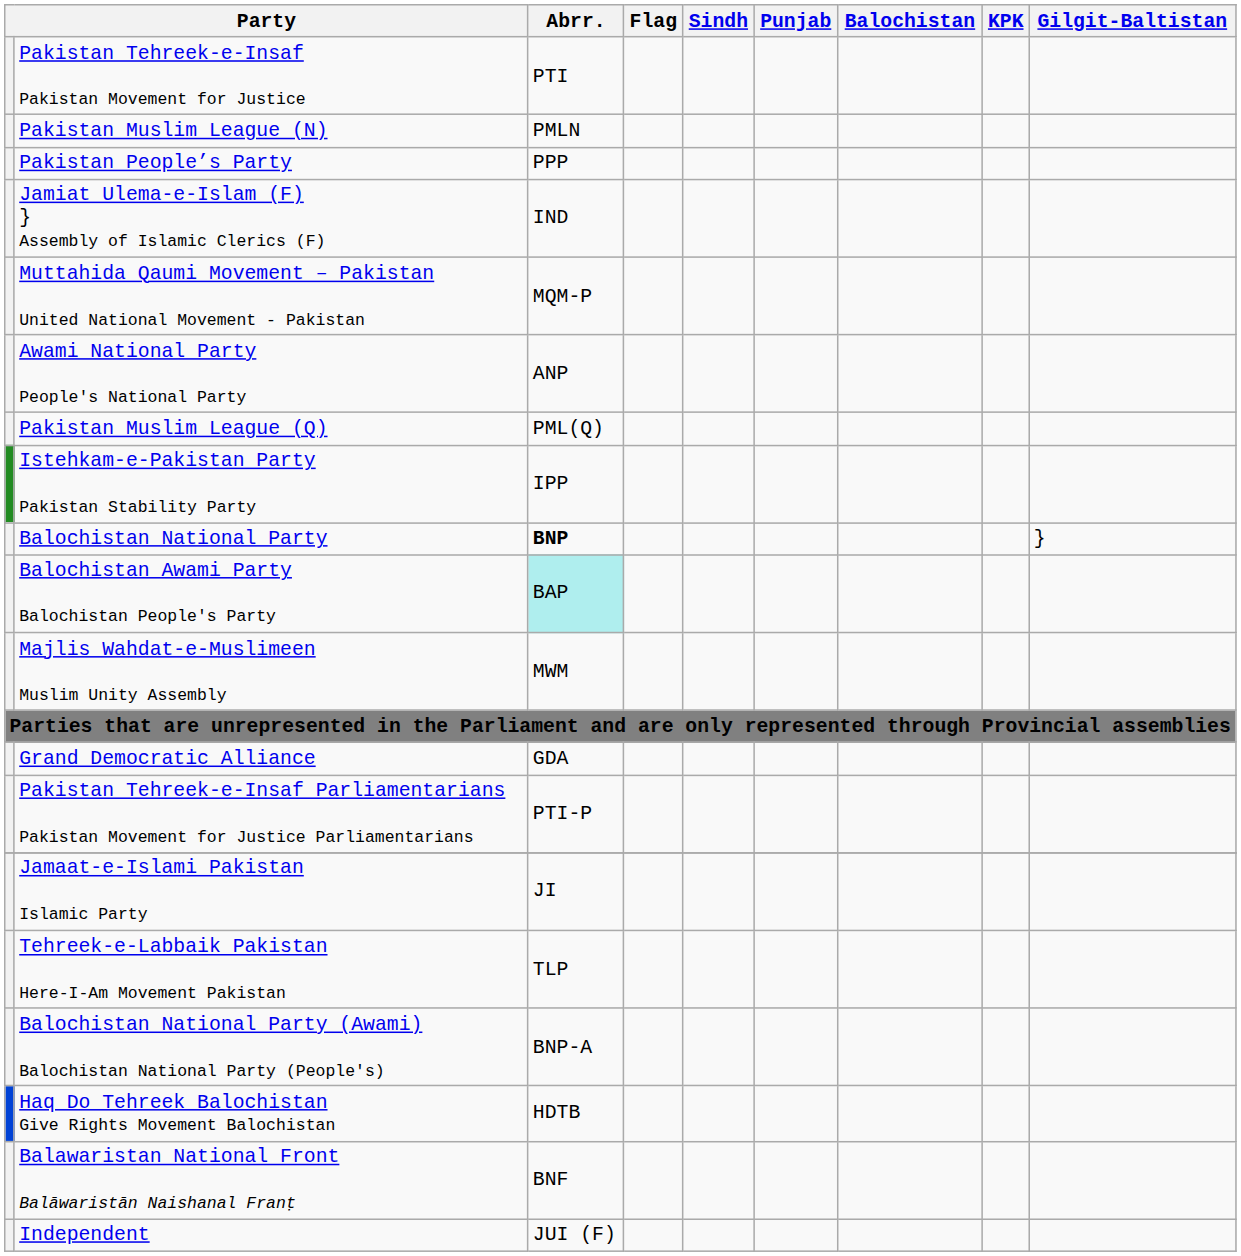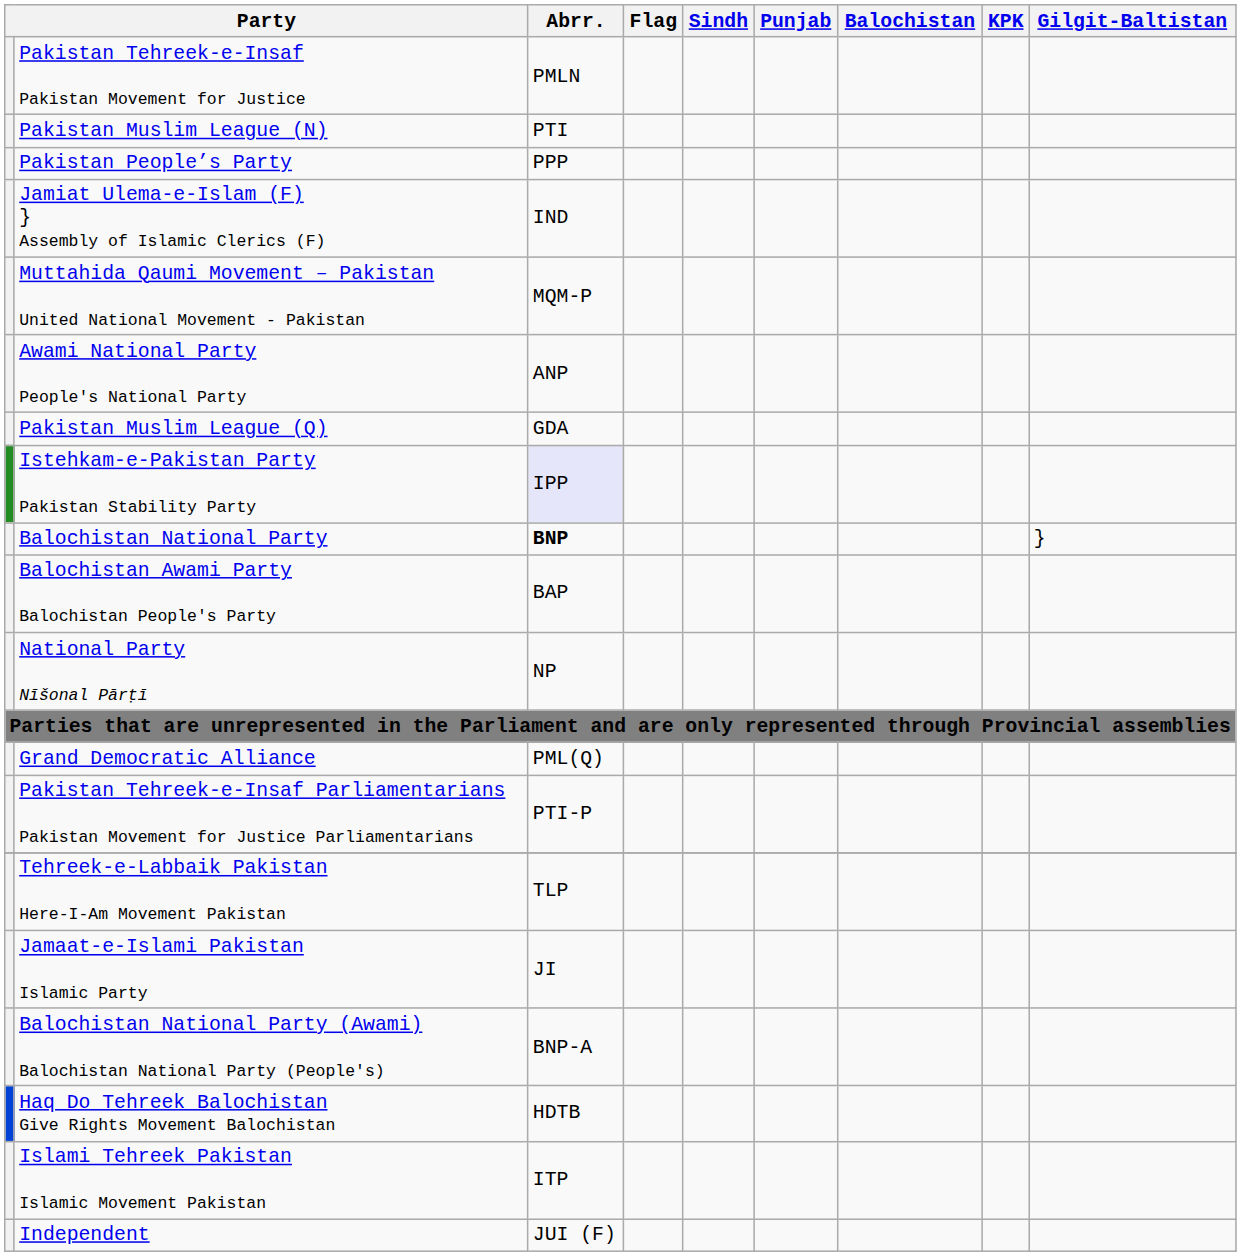 <table class="wikitable sortable">
 <tr>
 <th colspan="2" class="unsortable" scope="col" style="width:20px; text-align:center;">Party</th>
 <th>Abrr.</th>
 <th>Flag</th>
 <th data-sort-type="number"><a href='#'>Sindh</a></th>
 <th data-sort-type="number"><a href='#'>Punjab</a></th>
 <th data-sort-type="number"><a href='#'>Balochistan</a></th>
 <th data-sort-type="number"><a href='#'>KPK</a></th>
 <th data-sort-type="number"><a href='#'>Gilgit-Baltistan</a></th>
 </tr>
 <tr>
 <th style="background-color: "></th>
 <td><a href='#'>Pakistan Tehreek-e-Insaf</a><br><br><small>Pakistan Movement for Justice</small></td>
-<td>PTI</td>
+<td>PMLN</td>
 <td></td>
 <td></td>
 <td></td>
 <td></td>
 <td></td>
 <td></td>
 </tr>
 <tr>
 <th style="background-color: "></th>
 <td><a href='#'>Pakistan Muslim League (N)</a><br></td>
-<td>PMLN</td>
+<td>PTI</td>
 <td></td>
 <td></td>
 <td></td>
 <td></td>
 <td></td>
 <td></td>
 </tr>
 <tr>
 <th style="background-color: "></th>
 <td><a href='#'>Pakistan People’s Party</a><br></td>
 <td>PPP</td>
 <td></td>
 <td></td>
 <td></td>
 <td></td>
 <td></td>
 <td></td>
 </tr>
 <tr>
 <th style="background-color: "></th>
 <td><a href='#'>Jamiat Ulema-e-Islam (F)</a><br>}<br><small>Assembly of Islamic Clerics (F)</small></td>
 <td>IND</td>
 <td></td>
 <td></td>
 <td></td>
 <td></td>
 <td></td>
 <td></td>
 </tr>
 <tr>
 <th style="background-color: "></th>
 <td><a href='#'>Muttahida Qaumi Movement – Pakistan</a><br><br><small>United National Movement - Pakistan</small></td>
 <td>MQM-P</td>
 <td></td>
 <td></td>
 <td></td>
 <td></td>
 <td></td>
 <td></td>
 </tr>
 <tr>
 <th style="background-color: "></th>
 <td><a href='#'>Awami National Party</a><br><br><small>People's National Party</small></td>
 <td>ANP</td>
 <td></td>
 <td></td>
 <td></td>
 <td></td>
 <td></td>
 <td></td>
 </tr>
 <tr>
 <th style="background-color: "></th>
 <td><a href='#'>Pakistan Muslim League (Q)</a><br></td>
-<td>PML(Q)</td>
+<td>GDA</td>
 <td></td>
 <td></td>
 <td></td>
 <td></td>
 <td></td>
 <td></td>
 </tr>
 <tr>
 <th style="background-color: #228B22"></th>
 <td><a href='#'>Istehkam-e-Pakistan Party</a><br><br><small>Pakistan Stability Party</small></td>
-<td>IPP</td>
+<td style="background: lavender;">IPP</td>
 <td></td>
 <td></td>
 <td></td>
 <td></td>
 <td></td>
 <td></td>
 </tr>
 <tr>
 <th style="background-color: "></th>
 <td><a href='#'>Balochistan National Party</a><br></td>
 <td><strong>BNP</strong></td>
 <td></td>
 <td></td>
 <td></td>
 <td></td>
 <td></td>
 <td>}</td>
 </tr>
 <tr>
 <th style="background-color: "></th>
 <td><a href='#'>Balochistan Awami Party</a><br><br><small>Balochistan People's Party</small></td>
-<td style="background: paleturquoise;">BAP</td>
+<td>BAP</td>
 <td></td>
 <td></td>
 <td></td>
 <td></td>
 <td></td>
 <td></td>
 </tr>
 <tr>
-<th style="background-color:"></th>
-<td><a href='#'>Majlis Wahdat-e-Muslimeen</a><br><br><small>Muslim Unity Assembly</small></td>
-<td>MWM</td>
+<th style="background-color: "></th>
+<td><a href='#'>National Party</a><br><br><small><em>Nīšonal Pārṭī</em></small></td>
+<td>NP</td>
 <td></td>
 <td></td>
 <td></td>
 <td></td>
 <td></td>
 <td></td>
 </tr>
 <tr>
 <td colspan=9 align="center" bgcolor="grey"><span><strong>Parties that are unrepresented in the Parliament and are only represented through Provincial assemblies</strong></span></td>
 </tr>
 <tr>
 <th style="background-color: "></th>
 <td><a href='#'>Grand Democratic Alliance</a><br></td>
-<td>GDA</td>
+<td>PML(Q)</td>
 <td></td>
 <td></td>
 <td></td>
 <td></td>
 <td></td>
 <td></td>
 </tr>
 <tr>
 <th style="background-color: "></th>
 <td><a href='#'>Pakistan Tehreek-e-Insaf Parliamentarians</a><br><br><small>Pakistan Movement for Justice Parliamentarians</small></td>
 <td>PTI-P</td>
 <td></td>
 <td></td>
 <td></td>
 <td></td>
 <td></td>
 <td></td>
 </tr>
 <tr>
 </tr>
 <tr>
-<th style="background-color: "></th>
-<td><a href='#'>Jamaat-e-Islami Pakistan</a><br><br><small>Islamic Party</small></td>
-<td>JI</td>
+<th style="background-color:"></th>
+<td><a href='#'>Tehreek-e-Labbaik Pakistan</a><br><br><small>Here-I-Am Movement Pakistan</small></td>
+<td>TLP</td>
 <td></td>
 <td></td>
 <td></td>
 <td></td>
 <td></td>
 <td></td>
 </tr>
 <tr>
-<th style="background-color:"></th>
-<td><a href='#'>Tehreek-e-Labbaik Pakistan</a><br><br><small>Here-I-Am Movement Pakistan</small></td>
-<td>TLP</td>
+<th style="background-color: "></th>
+<td><a href='#'>Jamaat-e-Islami Pakistan</a><br><br><small>Islamic Party</small></td>
+<td>JI</td>
 <td></td>
 <td></td>
 <td></td>
 <td></td>
 <td></td>
 <td></td>
 </tr>
 <tr>
 <th style="background-color:"></th>
 <td><a href='#'>Balochistan National Party (Awami)</a><br><br><small>Balochistan National Party (People's)</small></td>
 <td>BNP-A</td>
 <td></td>
 <td></td>
 <td></td>
 <td></td>
 <td></td>
 <td></td>
 </tr>
 <tr>
 <th style="background-color: #0042d6"></th>
 <td><a href='#'>Haq Do Tehreek Balochistan</a><br><small>Give Rights Movement Balochistan</small></td>
 <td>HDTB</td>
 <td></td>
 <td></td>
 <td></td>
 <td></td>
 <td></td>
 <td></td>
 </tr>
 <tr>
 <th style="background-color:"></th>
-<td><a href='#'>Balawaristan National Front</a><br><br><em><small>Balāwaristān Naishanal Franṭ</small></em></td>
-<td>BNF</td>
+<td><a href='#'>Islami Tehreek Pakistan</a><br><br><small>Islamic Movement Pakistan</small></td>
+<td>ITP</td>
 <td></td>
 <td></td>
 <td></td>
 <td></td>
 <td></td>
 <td></td>
 </tr>
 <tr>
 <th style="background-color: "></th>
 <td><a href='#'>Independent</a><br></td>
 <td>JUI (F)</td>
 <td></td>
 <td></td>
 <td></td>
 <td></td>
 <td></td>
 <td></td>
 </tr>
 </table>
